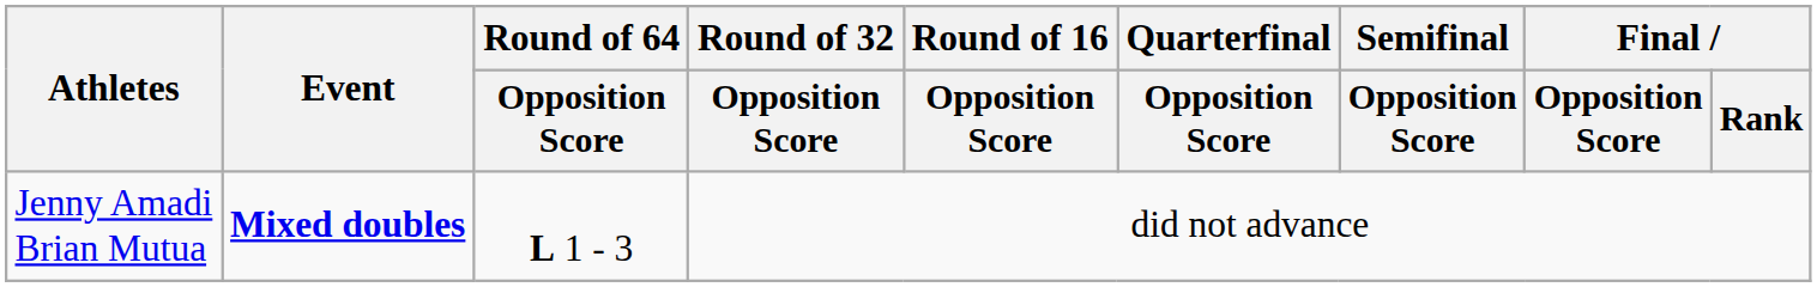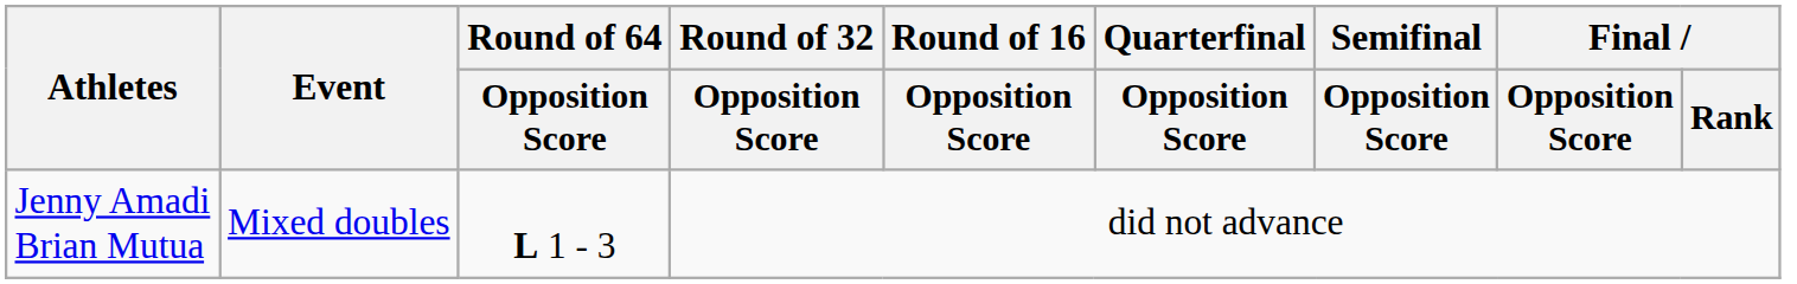 <table class=wikitable style=font-size:88%;text-align:center>
 <tr>
 <th rowspan=2>Athletes</th>
 <th rowspan=2>Event</th>
 <th>Round of 64</th>
 <th>Round of 32</th>
 <th>Round of 16</th>
 <th>Quarterfinal</th>
 <th>Semifinal</th>
 <th colspan=2>Final / </th>
 </tr>
 <tr style=font-size:95%>
 <th>Opposition<br>Score</th>
 <th>Opposition<br>Score</th>
 <th>Opposition<br>Score</th>
 <th>Opposition<br>Score</th>
 <th>Opposition<br>Score</th>
 <th>Opposition<br>Score</th>
 <th>Rank</th>
 </tr>
 <tr>
 <td align=left><a href='#'>Jenny Amadi</a><br><a href='#'>Brian Mutua</a></td>
-<td align=left><strong><a href='#'>Mixed doubles</a></strong></td>
+<td align=left><a href='#'>Mixed doubles</a></td>
 <td><br><strong>L</strong> 1 - 3</td>
 <td colspan=6>did not advance</td>
 </tr>
 </table>
